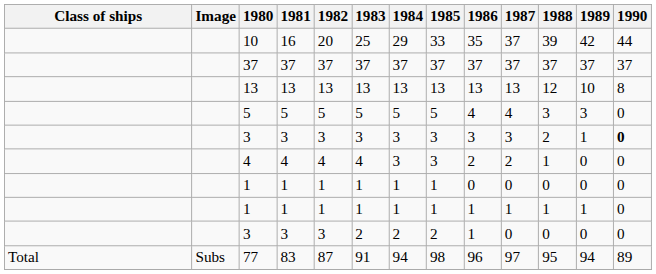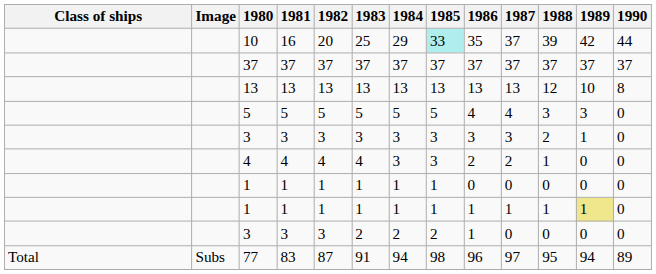 <table class="wikitable sortable collapsible collapsed">
 <tr>
 <th style="width:29%;">Class of ships</th>
 <th>Image</th>
 <th>1980</th>
 <th>1981</th>
 <th>1982</th>
 <th>1983</th>
 <th>1984</th>
 <th>1985</th>
 <th>1986</th>
 <th>1987</th>
 <th>1988</th>
 <th>1989</th>
 <th>1990</th>
 </tr>
 <tr valign="top">
 <td></td>
 <td></td>
 <td>10</td>
 <td>16</td>
 <td>20</td>
 <td>25</td>
 <td>29</td>
-<td>33</td>
+<td style="background: paleturquoise;">33</td>
 <td>35</td>
 <td>37</td>
 <td>39</td>
 <td>42</td>
 <td>44</td>
 </tr>
 <tr valign="top">
 <td></td>
 <td></td>
 <td>37</td>
 <td>37</td>
 <td>37</td>
 <td>37</td>
 <td>37</td>
 <td>37</td>
 <td>37</td>
 <td>37</td>
 <td>37</td>
 <td>37</td>
 <td>37</td>
 </tr>
 <tr valign="top">
 <td></td>
 <td></td>
 <td>13</td>
 <td>13</td>
 <td>13</td>
 <td>13</td>
 <td>13</td>
 <td>13</td>
 <td>13</td>
 <td>13</td>
 <td>12</td>
 <td>10</td>
 <td>8</td>
 </tr>
 <tr valign="top">
 <td></td>
 <td></td>
 <td>5</td>
 <td>5</td>
 <td>5</td>
 <td>5</td>
 <td>5</td>
 <td>5</td>
 <td>4</td>
 <td>4</td>
 <td>3</td>
 <td>3</td>
 <td>0</td>
 </tr>
 <tr valign="top">
 <td></td>
 <td></td>
 <td>3</td>
 <td>3</td>
 <td>3</td>
 <td>3</td>
 <td>3</td>
 <td>3</td>
 <td>3</td>
 <td>3</td>
 <td>2</td>
 <td>1</td>
-<td><strong>0</strong></td>
+<td>0</td>
 </tr>
 <tr valign="top">
 <td></td>
 <td></td>
 <td>4</td>
 <td>4</td>
 <td>4</td>
 <td>4</td>
 <td>3</td>
 <td>3</td>
 <td>2</td>
 <td>2</td>
 <td>1</td>
 <td>0</td>
 <td>0</td>
 </tr>
 <tr valign="top">
 <td></td>
 <td></td>
 <td>1</td>
 <td>1</td>
 <td>1</td>
 <td>1</td>
 <td>1</td>
 <td>1</td>
 <td>0</td>
 <td>0</td>
 <td>0</td>
 <td>0</td>
 <td>0</td>
 </tr>
 <tr valign="top">
 <td></td>
 <td></td>
 <td>1</td>
 <td>1</td>
 <td>1</td>
 <td>1</td>
 <td>1</td>
 <td>1</td>
 <td>1</td>
 <td>1</td>
 <td>1</td>
-<td>1</td>
+<td style="background: khaki;">1</td>
 <td>0</td>
 </tr>
 <tr valign="top">
 <td></td>
 <td></td>
 <td>3</td>
 <td>3</td>
 <td>3</td>
 <td>2</td>
 <td>2</td>
 <td>2</td>
 <td>1</td>
 <td>0</td>
 <td>0</td>
 <td>0</td>
 <td>0</td>
 </tr>
 <tr valign="top">
 <td>Total</td>
 <td>Subs</td>
 <td>77</td>
 <td>83</td>
 <td>87</td>
 <td>91</td>
 <td>94</td>
 <td>98</td>
 <td>96</td>
 <td>97</td>
 <td>95</td>
 <td>94</td>
 <td>89</td>
 </tr>
 <tr>
 </tr>
 </table>
